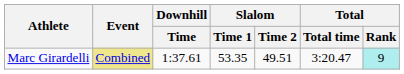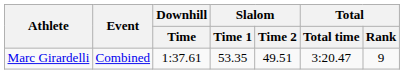 <table class="wikitable" style="font-size:90%">
 <tr>
 <th rowspan="2">Athlete</th>
 <th rowspan=2>Event</th>
 <th>Downhill</th>
 <th colspan="2">Slalom</th>
 <th colspan="2">Total</th>
 </tr>
 <tr>
 <th>Time</th>
 <th>Time 1</th>
 <th>Time 2</th>
 <th>Total time</th>
 <th>Rank</th>
 </tr>
 <tr>
 <td><a href='#'>Marc Girardelli</a></td>
-<td style="background: khaki;"><a href='#'>Combined</a></td>
+<td><a href='#'>Combined</a></td>
 <td align="center">1:37.61</td>
 <td align="center">53.35</td>
 <td align="center">49.51</td>
 <td align="center">3:20.47</td>
-<td align="center" style="background: paleturquoise;">9</td>
+<td align="center">9</td>
 </tr>
 </table>
